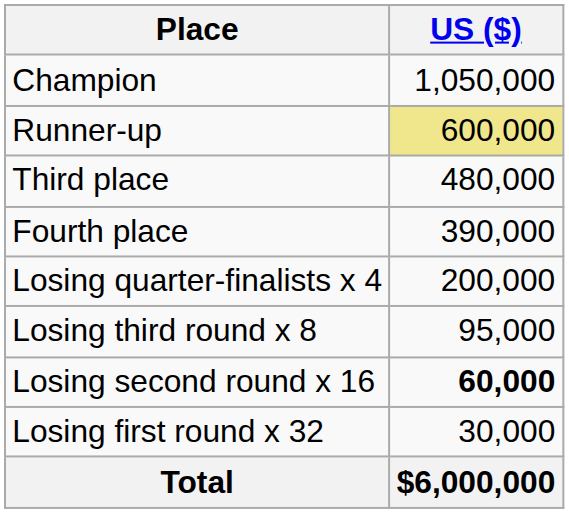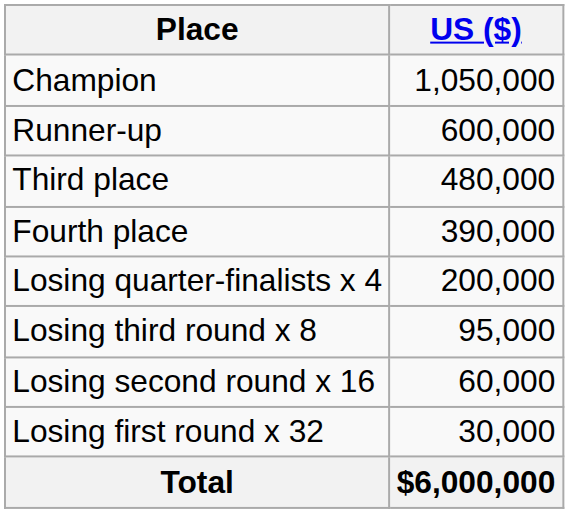 <table class="wikitable">
 <tr>
 <th>Place</th>
 <th><a href='#'>US ($)</a></th>
 </tr>
 <tr>
 <td>Champion</td>
 <td align=right>1,050,000</td>
 </tr>
 <tr>
 <td>Runner-up</td>
-<td align=right style="background: khaki;">600,000</td>
+<td align=right>600,000</td>
 </tr>
 <tr>
 <td>Third place</td>
 <td align=right>480,000</td>
 </tr>
 <tr>
 <td>Fourth place</td>
 <td align=right>390,000</td>
 </tr>
 <tr>
 <td>Losing quarter-finalists x 4</td>
 <td align=right>200,000</td>
 </tr>
 <tr>
 <td>Losing third round x 8</td>
 <td align=right>95,000</td>
 </tr>
 <tr>
 <td>Losing second round x 16</td>
-<td align=right><strong>60,000</strong></td>
+<td align=right>60,000</td>
 </tr>
 <tr>
 <td>Losing first round x 32</td>
 <td align=right>30,000</td>
 </tr>
 <tr>
 <th>Total</th>
 <th>$6,000,000</th>
 </tr>
 </table>
